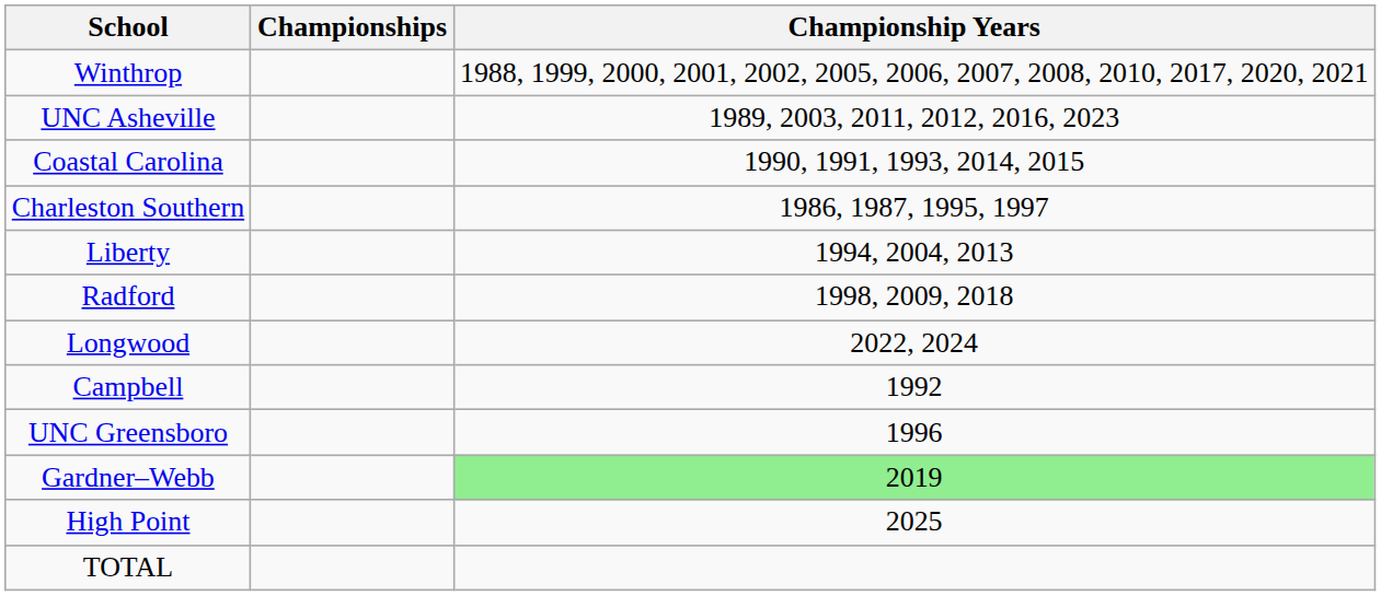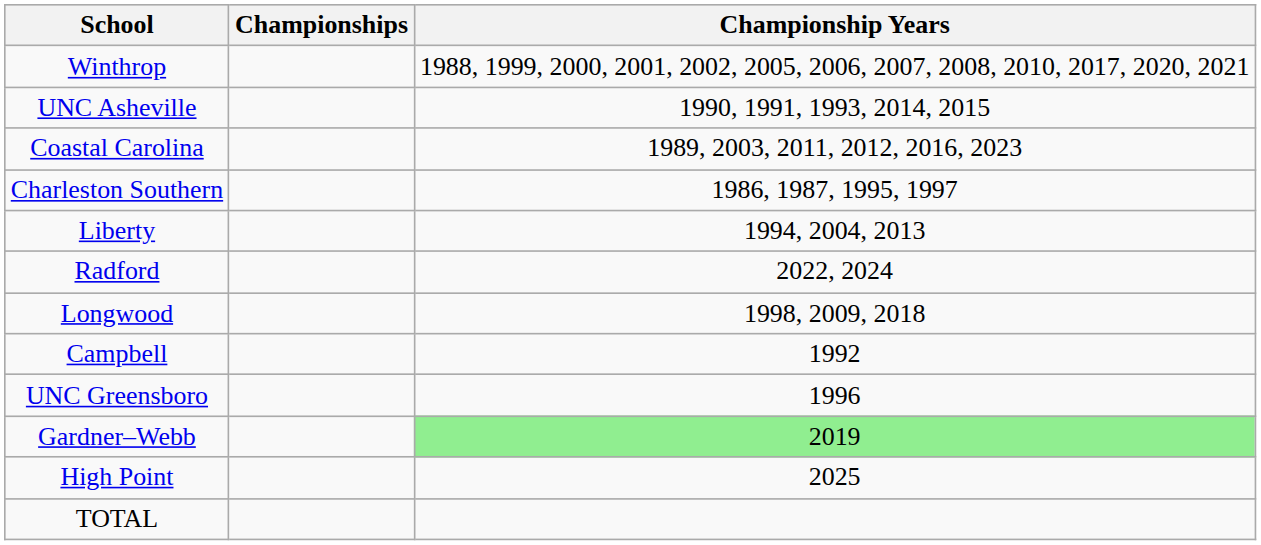 <table class="wikitable sortable" style="text-align:center">
 <tr>
 <th width=px>School</th>
 <th width=px>Championships</th>
 <th width=px>Championship Years</th>
 </tr>
 <tr>
 <td><a href='#'>Winthrop</a></td>
 <td></td>
 <td>1988, 1999, 2000, 2001, 2002, 2005, 2006, 2007, 2008, 2010, 2017, 2020, 2021</td>
 </tr>
 <tr>
 <td><a href='#'>UNC Asheville</a></td>
 <td></td>
-<td>1989, 2003, 2011, 2012, 2016, 2023</td>
+<td>1990, 1991, 1993, 2014, 2015</td>
 </tr>
 <tr>
 <td><a href='#'>Coastal Carolina</a></td>
 <td></td>
-<td>1990, 1991, 1993, 2014, 2015</td>
+<td>1989, 2003, 2011, 2012, 2016, 2023</td>
 </tr>
 <tr>
 <td><a href='#'>Charleston Southern</a></td>
 <td></td>
 <td>1986, 1987, 1995, 1997</td>
 </tr>
 <tr>
 <td><a href='#'>Liberty</a></td>
 <td></td>
 <td>1994, 2004, 2013</td>
 </tr>
 <tr>
 <td><a href='#'>Radford</a></td>
 <td></td>
-<td>1998, 2009, 2018</td>
+<td>2022, 2024</td>
 </tr>
 <tr>
 <td><a href='#'>Longwood</a></td>
 <td></td>
-<td>2022, 2024</td>
+<td>1998, 2009, 2018</td>
 </tr>
 <tr>
 <td><a href='#'>Campbell</a></td>
 <td></td>
 <td>1992</td>
 </tr>
 <tr>
 <td><a href='#'>UNC Greensboro</a></td>
 <td></td>
 <td>1996</td>
 </tr>
 <tr>
 <td><a href='#'>Gardner–Webb</a></td>
 <td></td>
 <td style="background: lightgreen;">2019</td>
 </tr>
 <tr>
 <td><a href='#'>High Point</a></td>
 <td></td>
 <td>2025</td>
 </tr>
 <tr>
 <td>TOTAL</td>
 <td></td>
 </tr>
 </table>
